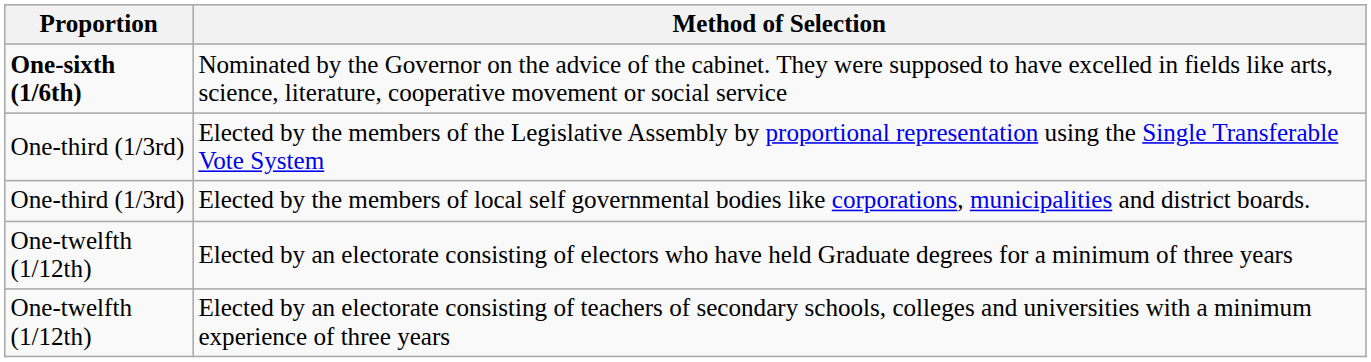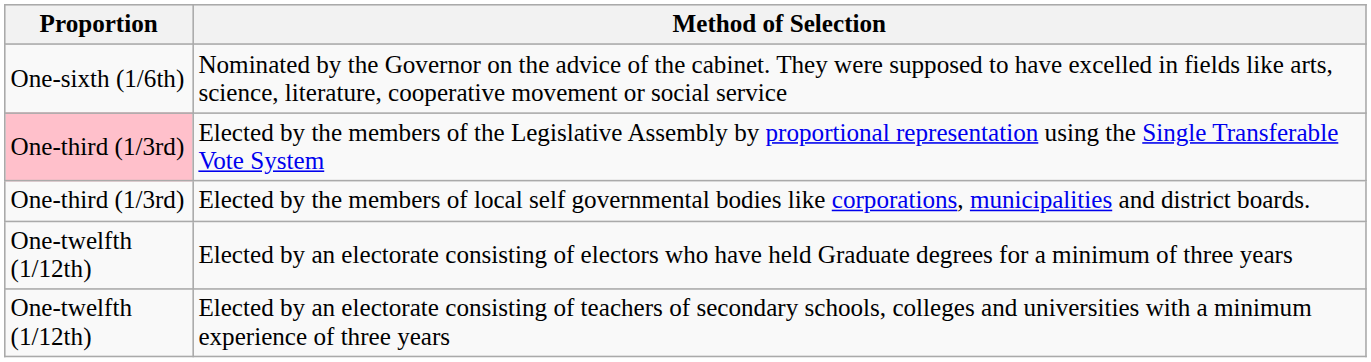 <table class="wikitable">
 <tr>
 <th>Proportion</th>
 <th>Method of Selection</th>
 </tr>
 <tr>
-<td><strong>One-sixth (1/6th)</strong></td>
+<td>One-sixth (1/6th)</td>
 <td>Nominated by the Governor on the advice of the cabinet. They were supposed to have excelled in fields like arts, science, literature, cooperative movement or social service</td>
 </tr>
 <tr>
-<td>One-third (1/3rd)</td>
+<td style="background: pink;">One-third (1/3rd)</td>
 <td>Elected by the members of the Legislative Assembly by <a href='#'>proportional representation</a> using the <a href='#'>Single Transferable Vote System</a></td>
 </tr>
 <tr>
 <td>One-third (1/3rd)</td>
 <td>Elected by the members of local self governmental bodies like <a href='#'>corporations</a>, <a href='#'>municipalities</a> and district boards.</td>
 </tr>
 <tr>
 <td>One-twelfth (1/12th)</td>
 <td>Elected by an electorate consisting of electors who have held Graduate degrees for a minimum of three years</td>
 </tr>
 <tr>
 <td>One-twelfth (1/12th)</td>
 <td>Elected by an electorate consisting of teachers of secondary schools, colleges and universities with a minimum experience of three years</td>
 </tr>
 </table>
